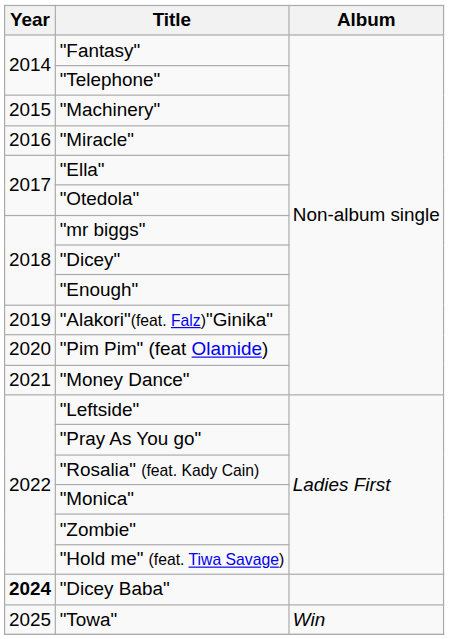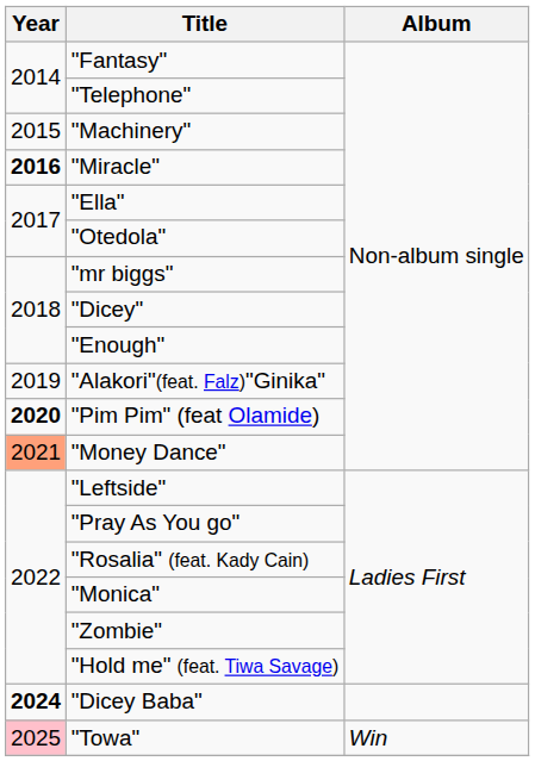 <table class="wikitable sortable" style="display:inline-table;">
 <tr>
 <th>Year</th>
 <th>Title</th>
 <th>Album</th>
 </tr>
 <tr>
 <td rowspan="2">2014</td>
 <td>"Fantasy"</td>
 <td rowspan="12">Non-album single</td>
 </tr>
 <tr>
 <td>"Telephone"</td>
 </tr>
 <tr>
 <td>2015</td>
 <td>"Machinery"</td>
 </tr>
 <tr>
-<td>2016</td>
+<td><strong>2016</strong></td>
 <td>"Miracle"</td>
 </tr>
 <tr>
 <td rowspan="2">2017</td>
 <td>"Ella"</td>
 </tr>
 <tr>
 <td>"Otedola"</td>
 </tr>
 <tr>
 <td rowspan="3">2018</td>
 <td>"mr biggs"</td>
 </tr>
 <tr>
 <td>"Dicey"</td>
 </tr>
 <tr>
 <td>"Enough"</td>
 </tr>
 <tr>
 <td>2019</td>
 <td>"Alakori"<small>(feat. <a href='#'>Falz</a>)</small>"Ginika"</td>
 </tr>
 <tr>
-<td>2020</td>
+<td><strong>2020</strong></td>
 <td>"Pim Pim" (feat <a href='#'>Olamide</a>)</td>
 </tr>
 <tr>
-<td>2021</td>
+<td style="background: lightsalmon;">2021</td>
 <td>"Money Dance"</td>
 </tr>
 <tr>
 <td rowspan="6">2022</td>
 <td>"Leftside"</td>
 <td rowspan="6"><em>Ladies First</em></td>
 </tr>
 <tr>
 <td>"Pray As You go"</td>
 </tr>
 <tr>
 <td>"Rosalia" <small>(feat. Kady Cain)</small></td>
 </tr>
 <tr>
 <td>"Monica"</td>
 </tr>
 <tr>
 <td>"Zombie"</td>
 </tr>
 <tr>
 <td>"Hold me" <small>(feat. <a href='#'>Tiwa Savage</a>)</small></td>
 </tr>
 <tr>
 <td><strong>2024</strong></td>
 <td>"Dicey Baba"</td>
 </tr>
 <tr>
-<td rowspan="1">2025</td>
+<td rowspan="1" style="background: pink;">2025</td>
 <td>"Towa"</td>
 <td rowspan="1"><em>Win</em></td>
 </tr>
 <tr>
 </tr>
 </table>
